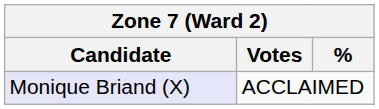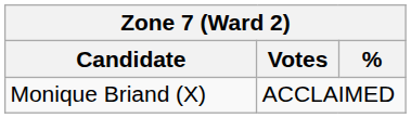 <table class="wikitable">
 <tr>
 <th colspan="3">Zone 7 (Ward 2)</th>
 </tr>
 <tr>
 <th style="width: 170px">Candidate</th>
 <th style="width: 50px">Votes</th>
 <th style="width: 40px">%</th>
 </tr>
 <tr>
-<td style="background: lavender;">Monique Briand (X)</td>
+<td>Monique Briand (X)</td>
 <td colspan="2">ACCLAIMED</td>
 </tr>
 </table>
